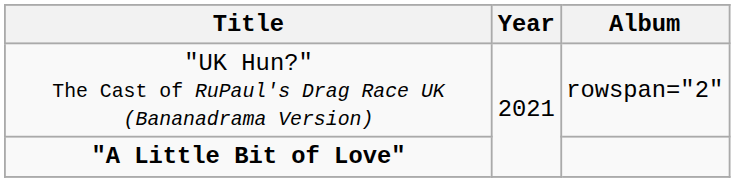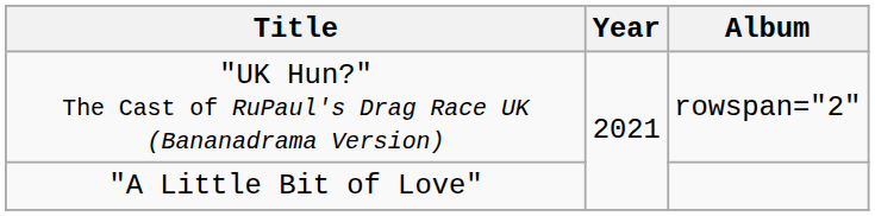 <table class="wikitable plainrowheaders" style="text-align:center;">
 <tr>
 <th style="width:20em;">Title</th>
 <th style="width:1em;">Year</th>
 <th style="width:5em;">Album</th>
 </tr>
 <tr>
 <td>"UK Hun?"<br><small>The Cast of <em>RuPaul's Drag Race UK (Bananadrama Version)</em></small></td>
 <td rowspan="2">2021</td>
 <td>rowspan="2" </td>
 </tr>
 <tr>
-<td><strong>"A Little Bit of Love"<br></strong></td>
+<td>"A Little Bit of Love"<br></td>
 </tr>
 </table>
